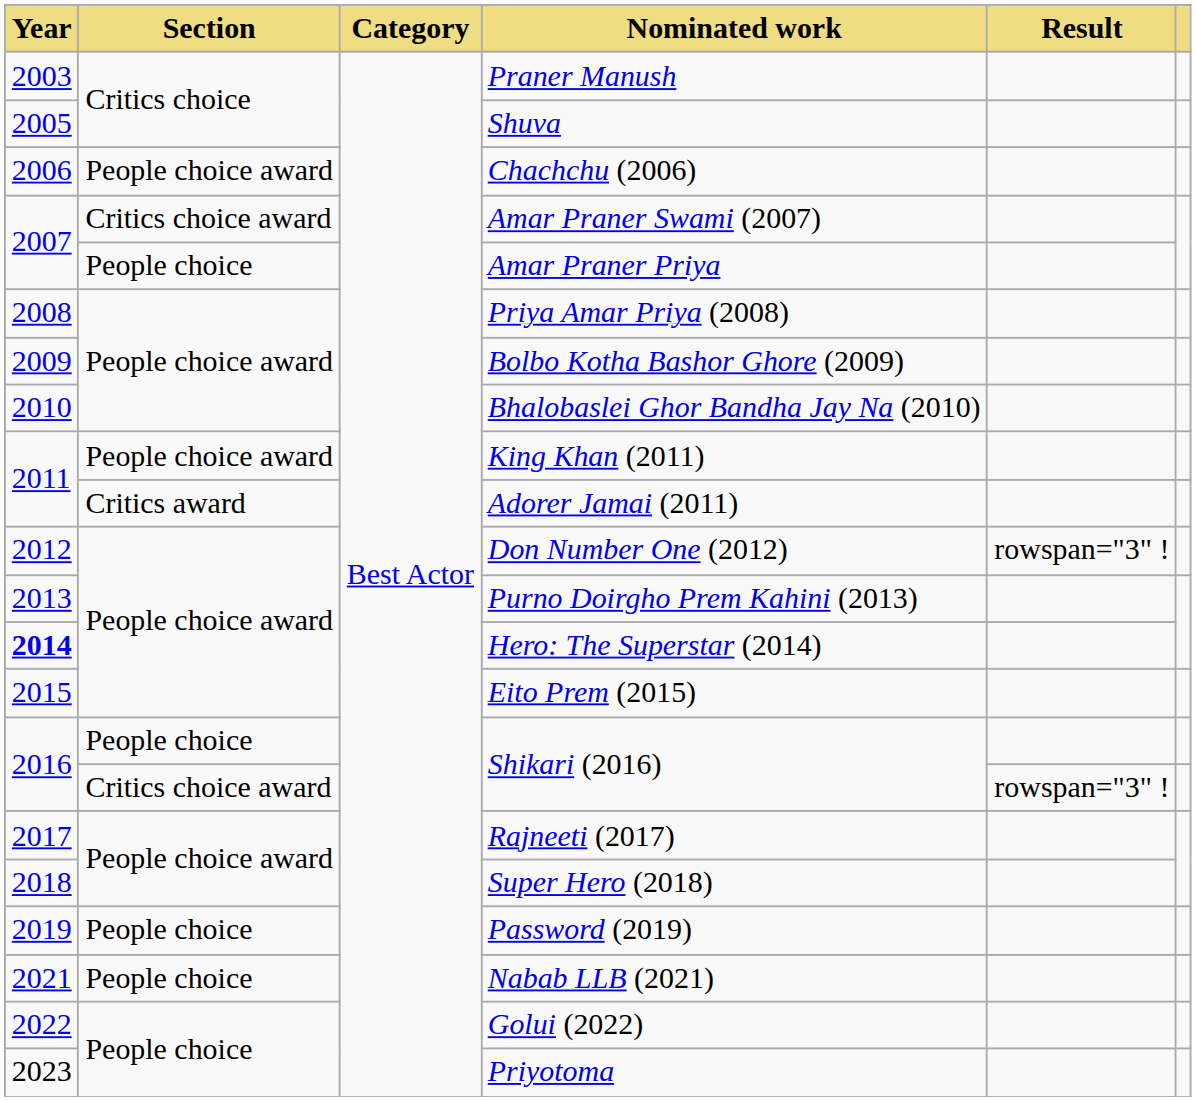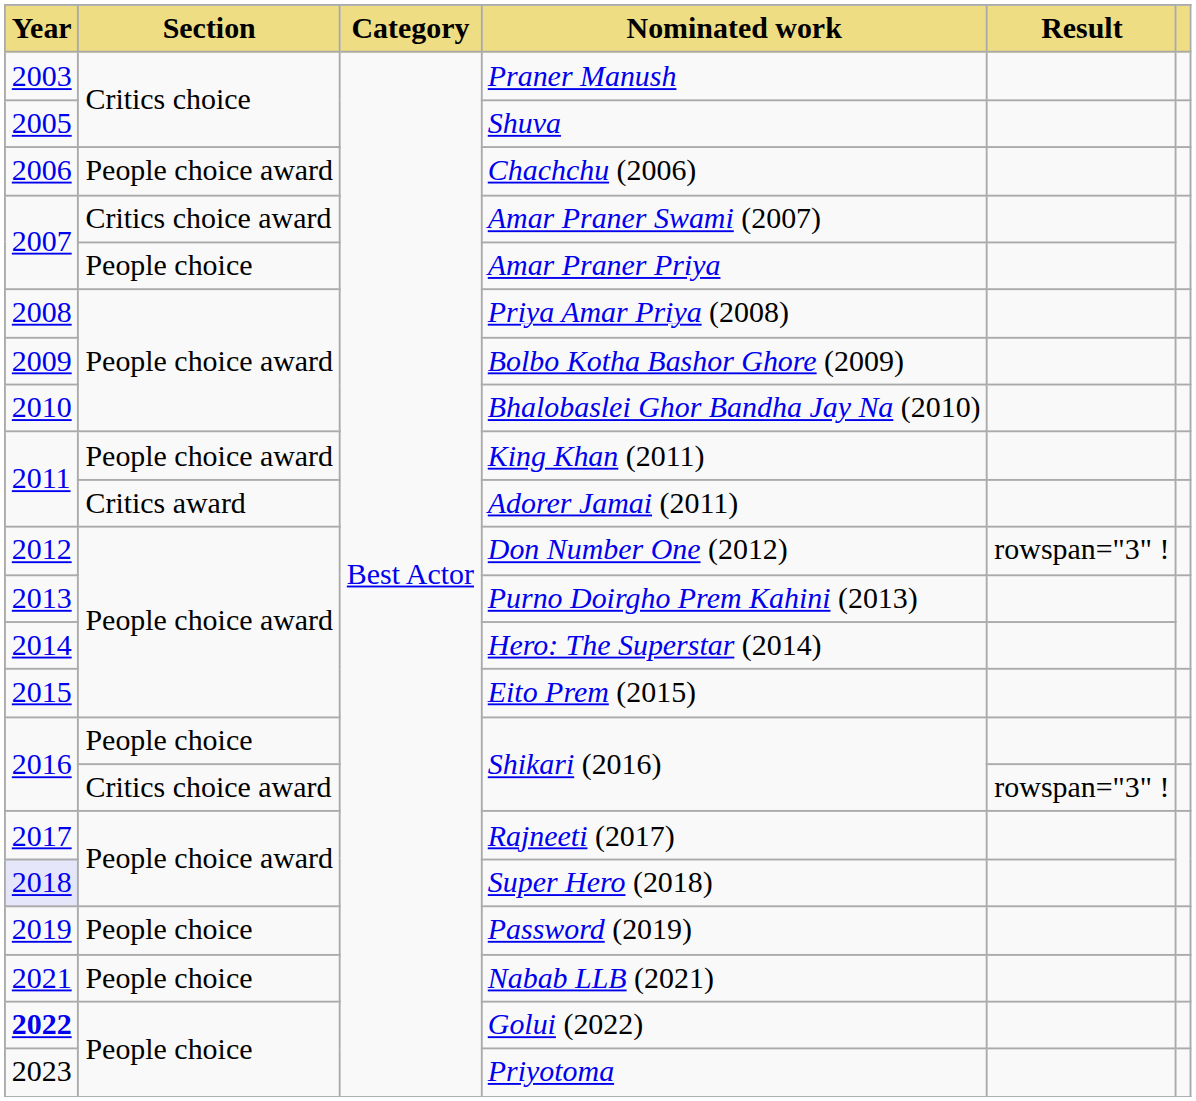 <table class="wikitable" style="width=80%;">
 <tr>
 <th style="background:#EEDD82;">Year</th>
 <th style="background:#EEDD82;">Section</th>
 <th style="background:#EEDD82;">Category</th>
 <th style="background:#EEDD82;">Nominated work</th>
 <th style="background:#EEDD82;">Result</th>
 <th style="background:#EEDD82;"></th>
 </tr>
 <tr>
 <td><a href='#'>2003</a></td>
 <td rowspan="2">Critics choice</td>
 <td rowspan="22"><a href='#'>Best Actor</a></td>
 <td><em><a href='#'>Praner Manush</a></em></td>
 <td></td>
 <td></td>
 </tr>
 <tr>
 <td><a href='#'>2005</a></td>
 <td><a href='#'><em>Shuva</em></a></td>
 <td></td>
 <td></td>
 </tr>
 <tr>
 <td><a href='#'>2006</a></td>
 <td>People choice award</td>
 <td><em><a href='#'>Chachchu</a></em> (2006)</td>
 <td></td>
 <td></td>
 </tr>
 <tr>
 <td rowspan="2"><a href='#'>2007</a></td>
 <td>Critics choice award</td>
 <td><em><a href='#'>Amar Praner Swami</a></em> (2007)</td>
 <td></td>
 <td rowspan="2"></td>
 </tr>
 <tr>
 <td>People choice</td>
 <td><em><a href='#'>Amar Praner Priya</a></em></td>
 <td></td>
 </tr>
 <tr>
 <td><a href='#'>2008</a></td>
 <td rowspan="3">People choice award</td>
 <td><em><a href='#'>Priya Amar Priya</a></em> (2008)</td>
 <td></td>
 <td></td>
 </tr>
 <tr>
 <td><a href='#'>2009</a></td>
 <td><em><a href='#'>Bolbo Kotha Bashor Ghore</a></em> (2009)</td>
 <td></td>
 <td></td>
 </tr>
 <tr>
 <td><a href='#'>2010</a></td>
 <td><em><a href='#'>Bhalobaslei Ghor Bandha Jay Na</a></em> (2010)</td>
 <td></td>
 <td></td>
 </tr>
 <tr>
 <td rowspan="2"><a href='#'>2011</a></td>
 <td>People choice award</td>
 <td><em><a href='#'>King Khan</a></em> (2011)</td>
 <td></td>
 <td></td>
 </tr>
 <tr>
 <td>Critics award</td>
 <td><em><a href='#'>Adorer Jamai</a></em> (2011)</td>
 <td></td>
 <td></td>
 </tr>
 <tr>
 <td><a href='#'>2012</a></td>
 <td rowspan="4">People choice award</td>
 <td><em><a href='#'>Don Number One</a></em> (2012)</td>
 <td>rowspan="3" ! </td>
 <td></td>
 </tr>
 <tr>
 <td><a href='#'>2013</a></td>
 <td><em><a href='#'>Purno Doirgho Prem Kahini</a></em> (2013)</td>
 <td><br></td>
 </tr>
 <tr>
-<td><strong><a href='#'>2014</a></strong></td>
+<td><a href='#'>2014</a></td>
 <td><em><a href='#'>Hero: The Superstar</a></em> (2014)</td>
 <td></td>
 </tr>
 <tr>
 <td><a href='#'>2015</a></td>
 <td><em><a href='#'>Eito Prem</a></em> (2015)</td>
 <td></td>
 <td></td>
 </tr>
 <tr>
 <td rowspan="2"><a href='#'>2016</a></td>
 <td>People choice</td>
 <td rowspan="2"><a href='#'><em>Shikari</em></a> (2016)</td>
 <td></td>
 <td></td>
 </tr>
 <tr>
 <td>Critics choice award</td>
 <td>rowspan="3" ! </td>
 <td></td>
 </tr>
 <tr>
 <td><a href='#'>2017</a></td>
 <td rowspan="2">People choice award</td>
 <td><em><a href='#'>Rajneeti</a></em> (2017)</td>
 <td></td>
 </tr>
 <tr>
-<td><a href='#'>2018</a></td>
+<td style="background: lavender;"><a href='#'>2018</a></td>
 <td><a href='#'><em>Super Hero</em></a> (2018)</td>
 <td></td>
 </tr>
 <tr>
 <td><a href='#'>2019</a></td>
 <td>People choice</td>
 <td><a href='#'><em>Password</em></a> (2019)</td>
 <td></td>
 <td></td>
 </tr>
 <tr>
 <td><a href='#'>2021</a></td>
 <td>People choice</td>
 <td><em><a href='#'>Nabab LLB</a></em> (2021)</td>
 <td></td>
 <td><br></td>
 </tr>
 <tr>
-<td><a href='#'>2022</a></td>
+<td><strong><a href='#'>2022</a></strong></td>
 <td rowspan="2">People choice</td>
 <td><em><a href='#'>Golui</a></em> (2022)</td>
 <td></td>
 <td></td>
 </tr>
 <tr>
 <td>2023</td>
 <td><em><a href='#'>Priyotoma</a></em></td>
 <td></td>
 <td></td>
 </tr>
 </table>
